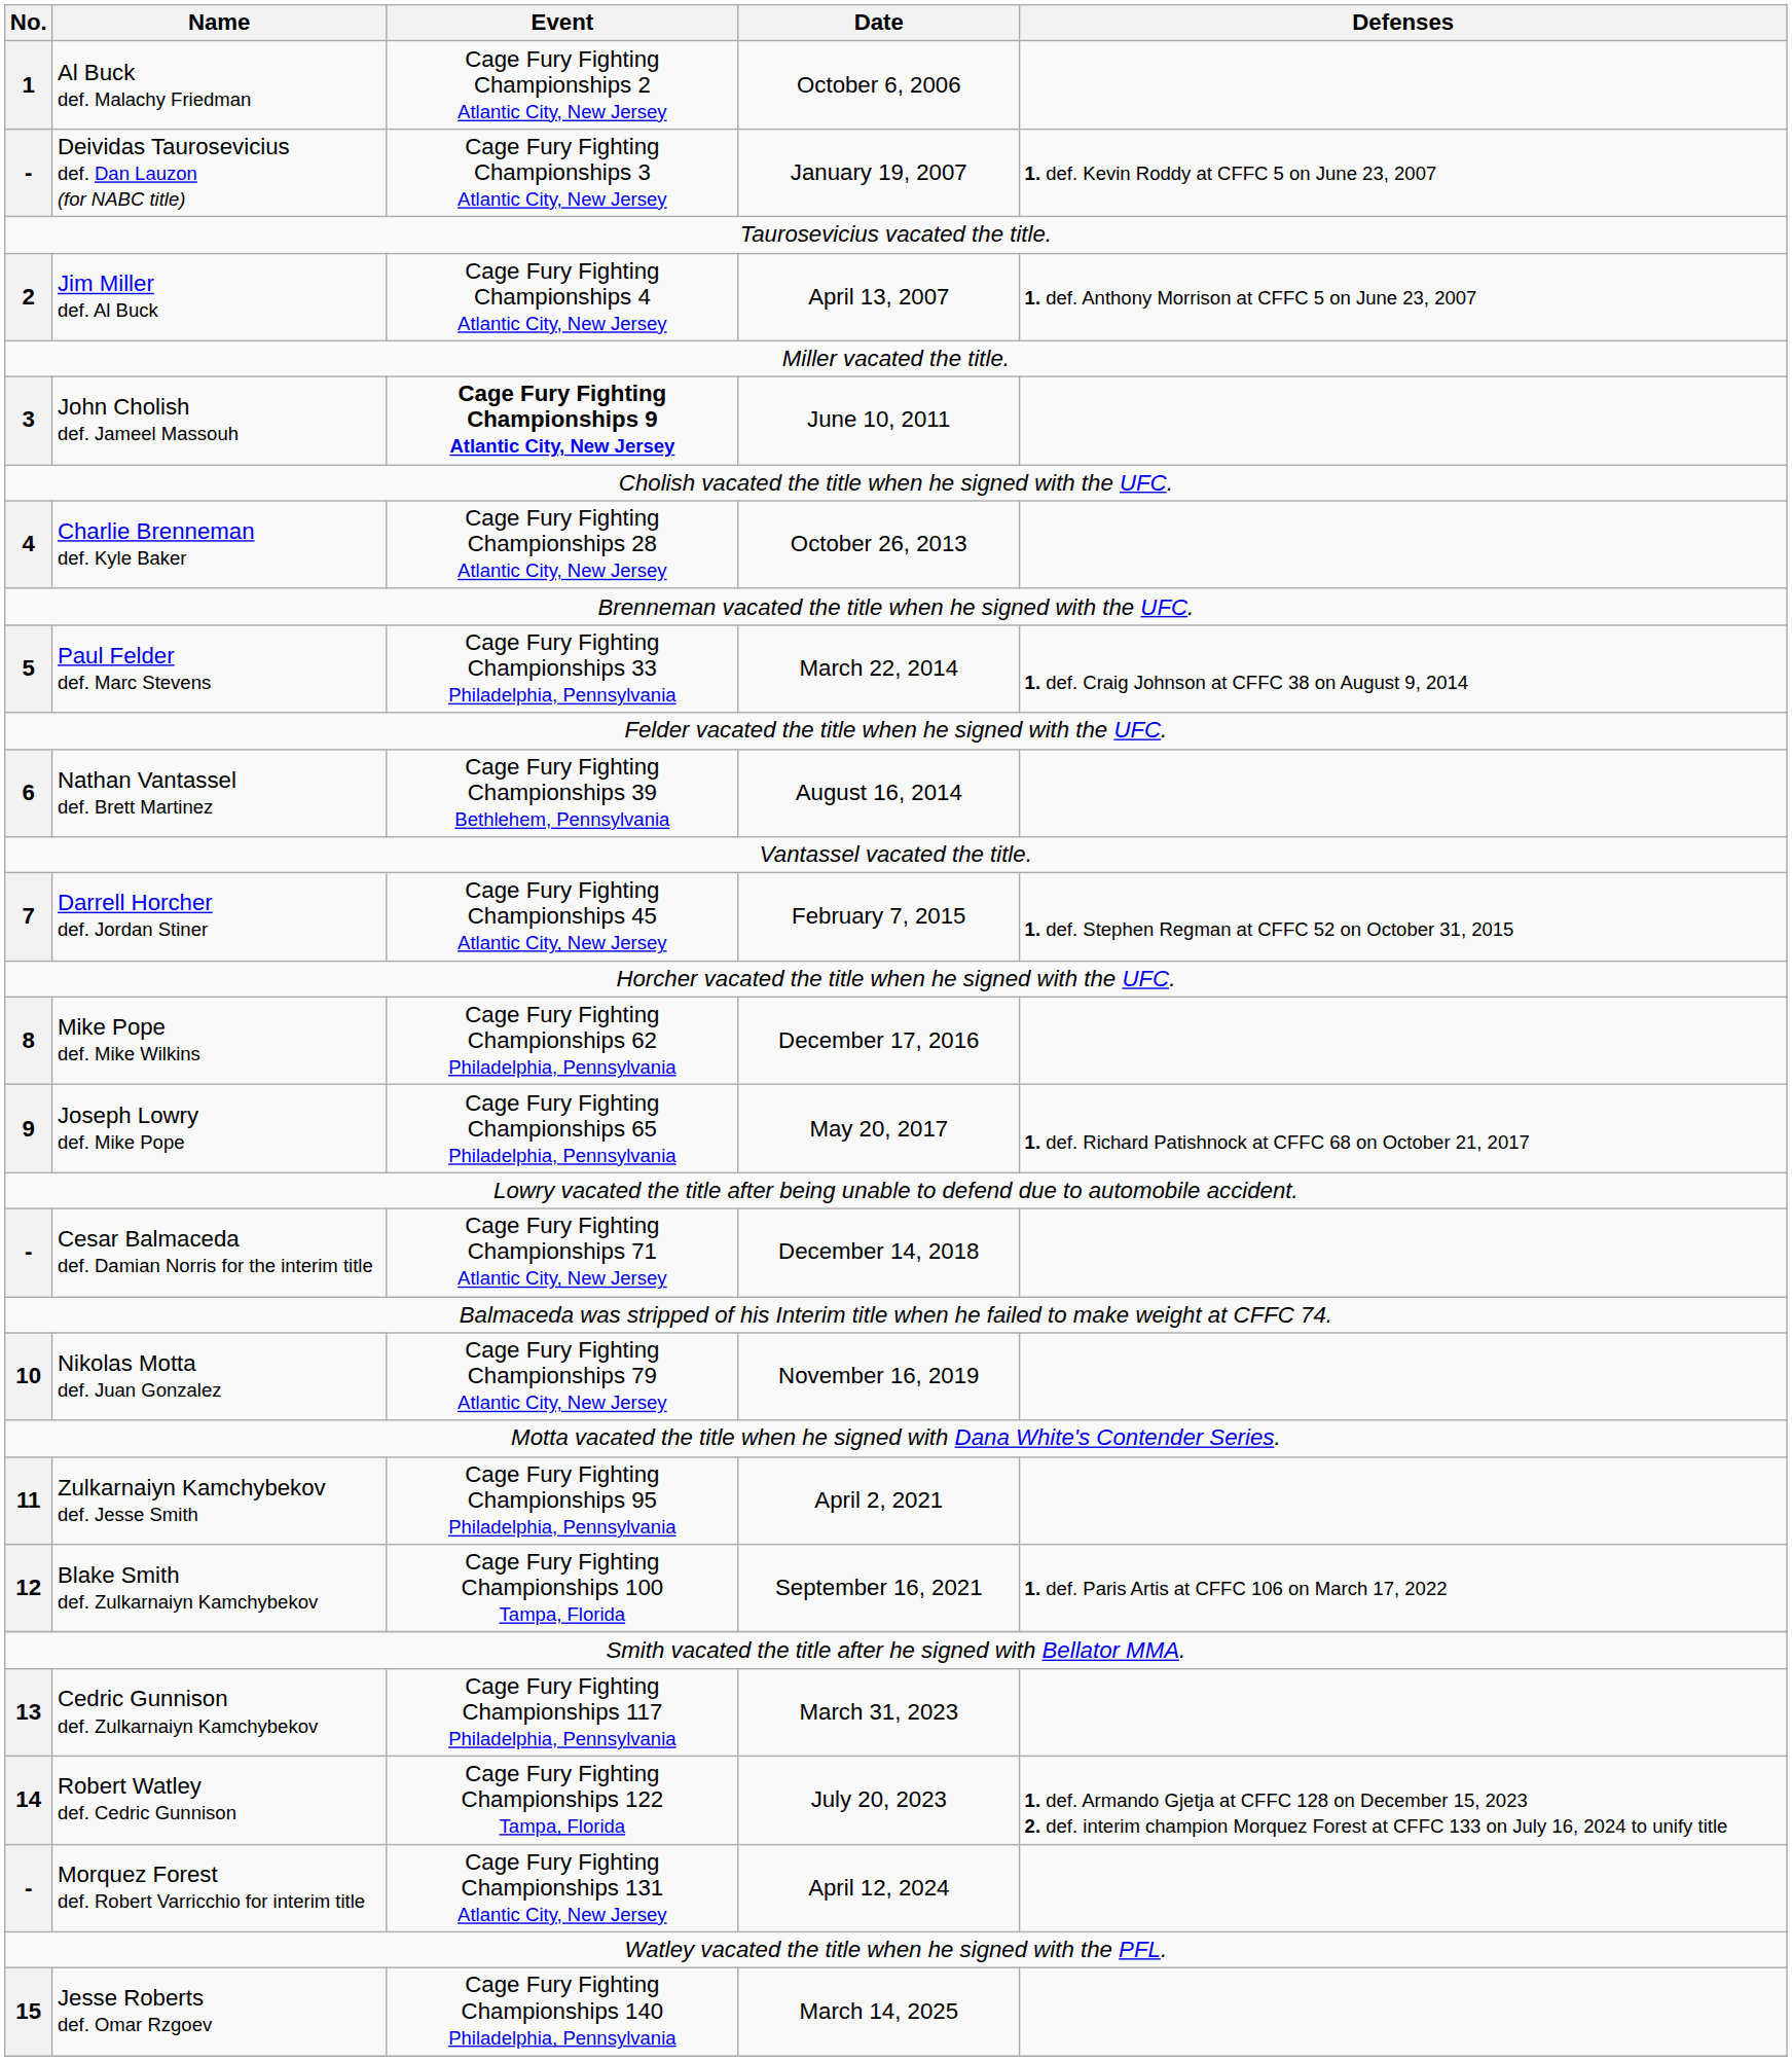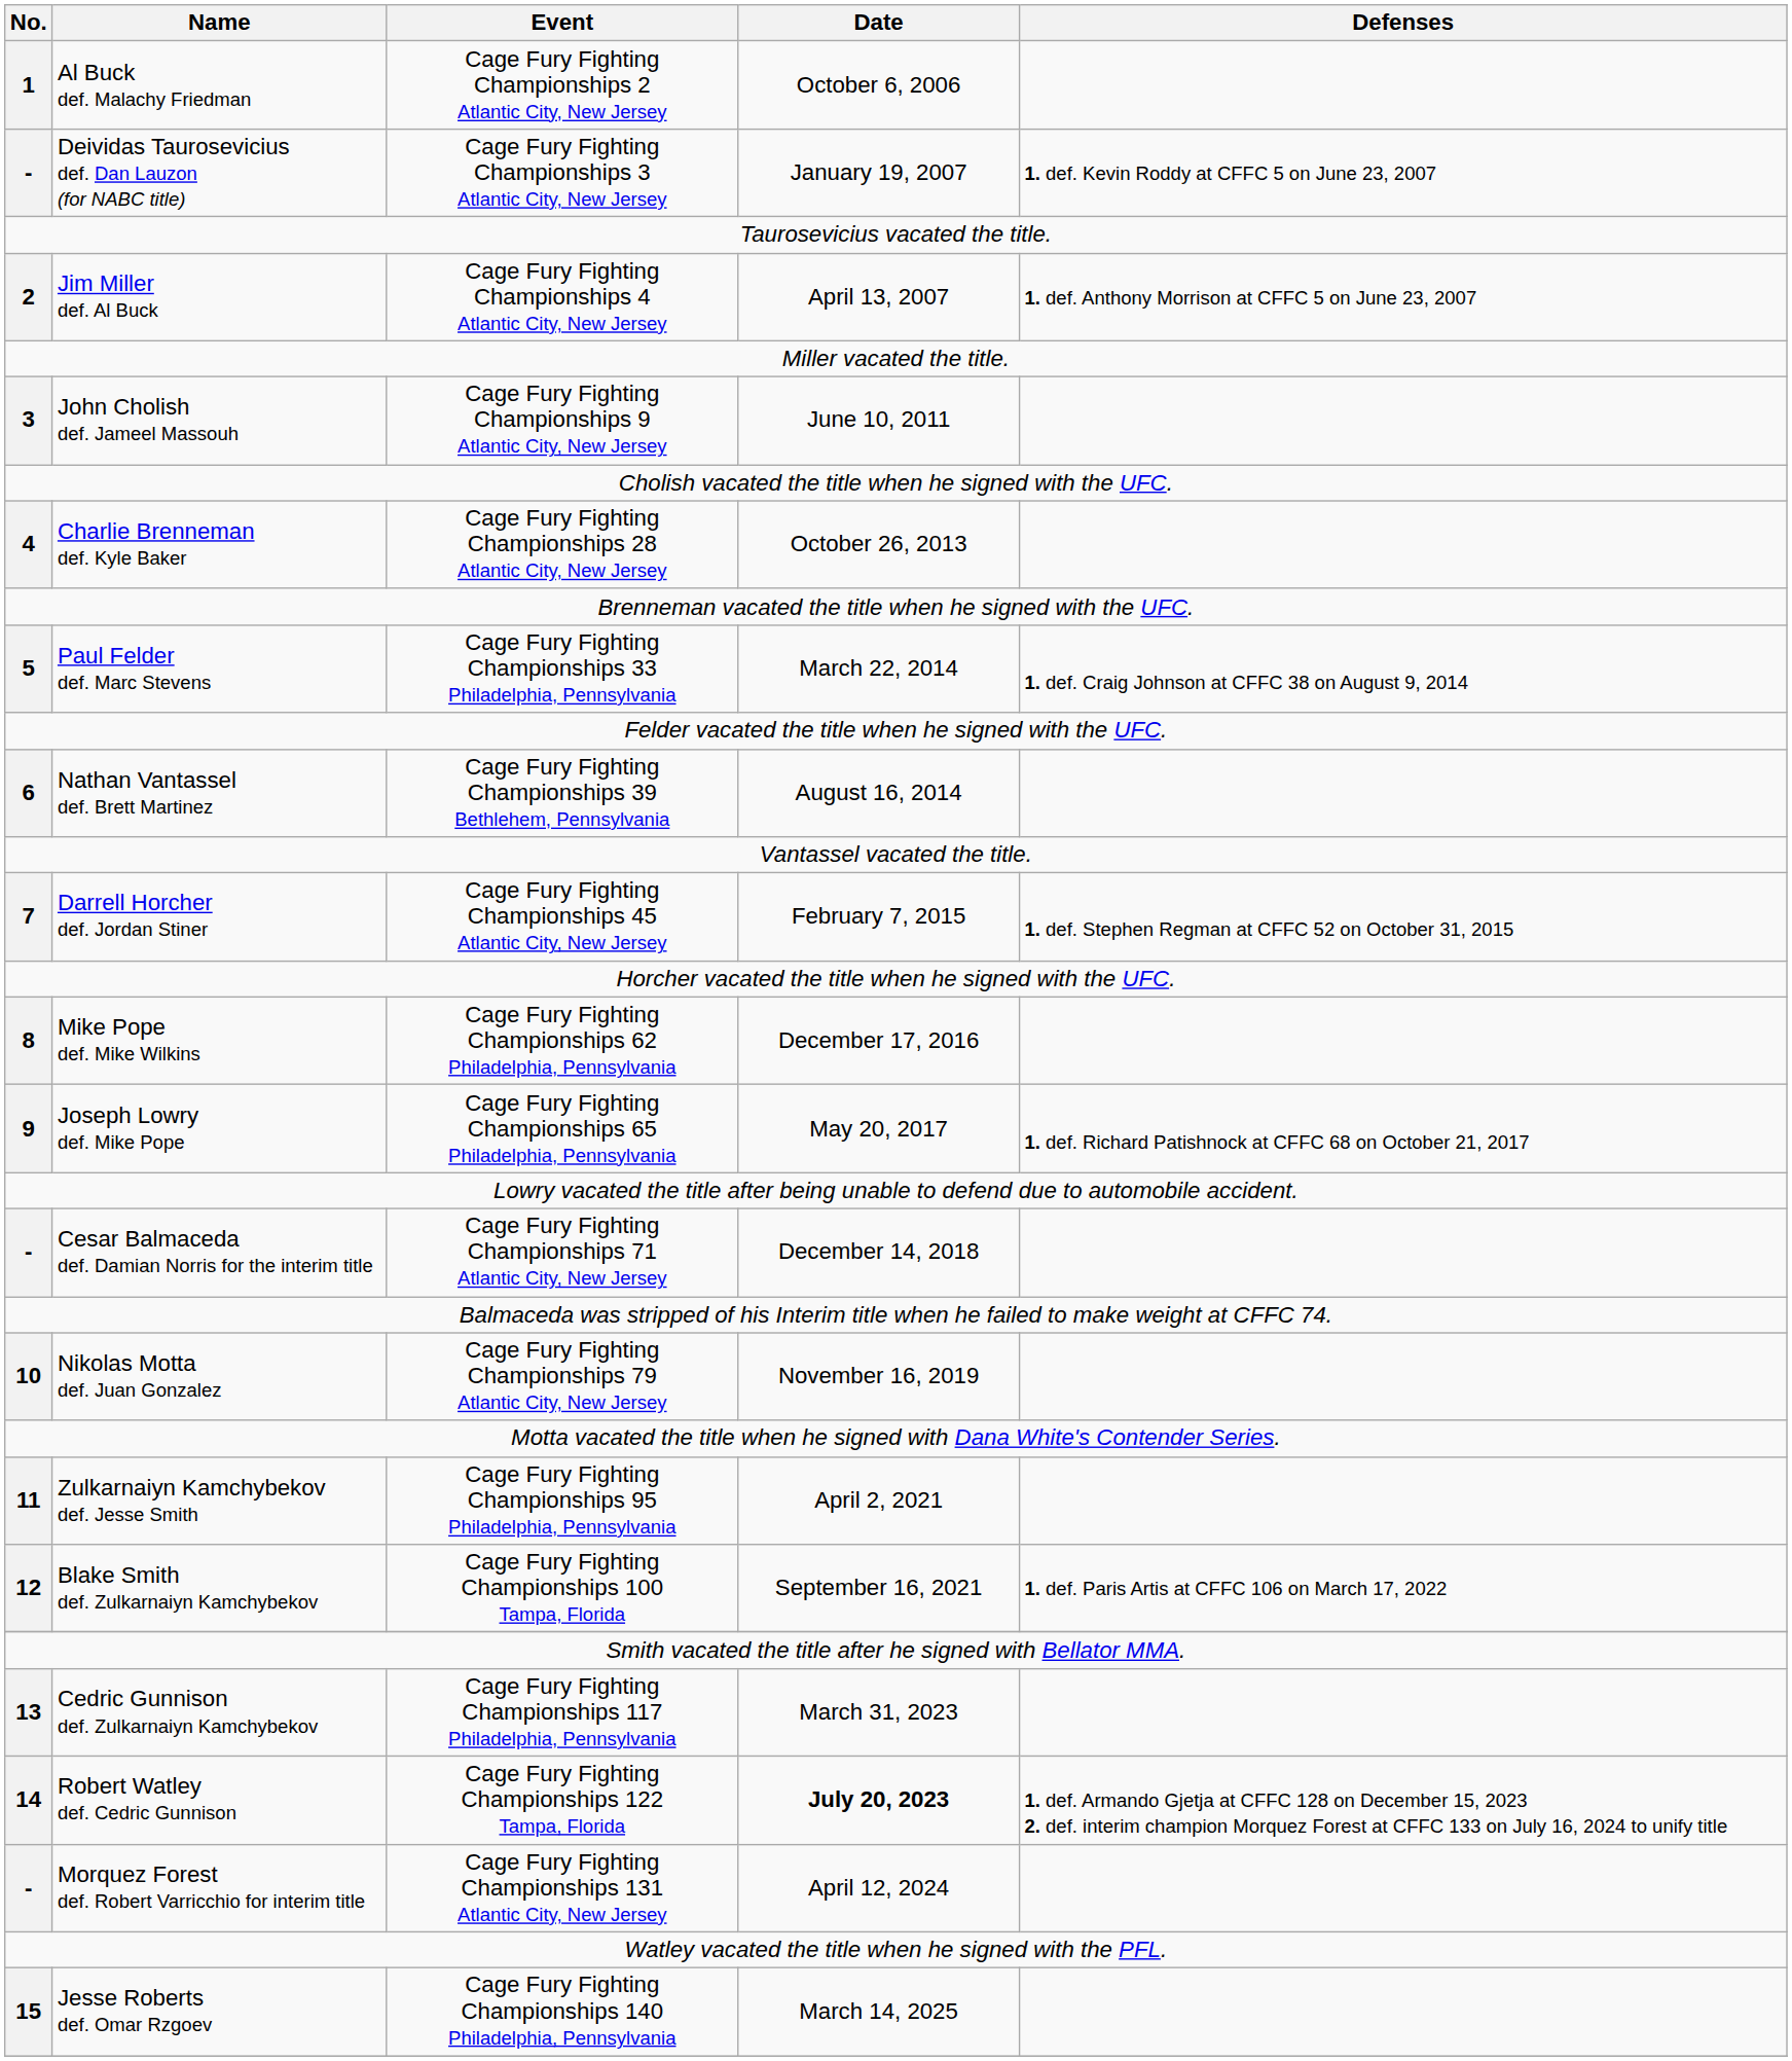 <table class="wikitable">
 <tr>
 <th width=1%>No.</th>
 <th width=19%>Name</th>
 <th width=20%>Event</th>
 <th width=16%>Date</th>
 <th width=44%>Defenses</th>
 </tr>
 <tr>
 <th>1</th>
 <td style="text-align:left"> Al Buck<br><small>def. Malachy Friedman</small></td>
 <td style="text-align:center">Cage Fury Fighting Championships 2<br><small><a href='#'>Atlantic City, New Jersey</a></small></td>
 <td style="text-align:center">October 6, 2006</td>
 <td></td>
 </tr>
 <tr>
 <th>-</th>
 <td style="text-align:left"> Deividas Taurosevicius <br><small>def. <a href='#'>Dan Lauzon</a> <br><em>(for NABC title) </em></small></td>
 <td style="text-align:center">Cage Fury Fighting Championships 3<br><small><a href='#'>Atlantic City, New Jersey</a></small></td>
 <td style="text-align:center">January 19, 2007</td>
 <td><small><strong>1.</strong> def. Kevin Roddy at CFFC 5 on June 23, 2007</small></td>
 </tr>
 <tr>
 <td style="text-align:center" colspan="5"><em>Taurosevicius vacated the title.</em></td>
 </tr>
 <tr>
 <th>2</th>
 <td style="text-align:left"> <a href='#'>Jim Miller</a><br><small>def. Al Buck</small></td>
 <td style="text-align:center">Cage Fury Fighting Championships 4<br><small><a href='#'>Atlantic City, New Jersey</a></small></td>
 <td style="text-align:center">April 13, 2007</td>
 <td><small><strong>1.</strong> def. Anthony Morrison at CFFC 5 on June 23, 2007</small></td>
 </tr>
 <tr>
 <td style="text-align:center" colspan="5"><em>Miller vacated the title.</em></td>
 </tr>
 <tr>
 <th>3</th>
 <td style="text-align:left"> John Cholish<br><small>def. Jameel Massouh</small></td>
-<td style="text-align:center"><strong>Cage Fury Fighting Championships 9<br><small><a href='#'>Atlantic City, New Jersey</a></small></strong></td>
+<td style="text-align:center">Cage Fury Fighting Championships 9<br><small><a href='#'>Atlantic City, New Jersey</a></small></td>
 <td style="text-align:center">June 10, 2011</td>
 <td></td>
 </tr>
 <tr>
 <td style="text-align:center" colspan="5"><em>Cholish vacated the title when he signed with the <a href='#'>UFC</a>.</em></td>
 </tr>
 <tr>
 <th>4</th>
 <td style="text-align:left"> <a href='#'>Charlie Brenneman</a><br><small>def. Kyle Baker</small></td>
 <td style="text-align:center">Cage Fury Fighting Championships 28<br><small><a href='#'>Atlantic City, New Jersey</a></small></td>
 <td style="text-align:center">October 26, 2013</td>
 <td></td>
 </tr>
 <tr>
 <td style="text-align:center" colspan="5"><em>Brenneman vacated the title when he signed with the <a href='#'>UFC</a>.</em></td>
 </tr>
 <tr>
 <th>5</th>
 <td style="text-align:left"> <a href='#'>Paul Felder</a><br><small>def. Marc Stevens</small></td>
 <td style="text-align:center">Cage Fury Fighting Championships 33<br><small><a href='#'>Philadelphia, Pennsylvania</a></small></td>
 <td style="text-align:center">March 22, 2014</td>
 <td><br><small><strong>1.</strong> def. Craig Johnson at CFFC 38 on August 9, 2014</small></td>
 </tr>
 <tr>
 <td style="text-align:center" colspan="5"><em>Felder vacated the title when he signed with the <a href='#'>UFC</a>.</em></td>
 </tr>
 <tr>
 <th>6</th>
 <td style="text-align:left"> Nathan Vantassel<br><small>def. Brett Martinez</small></td>
 <td style="text-align:center">Cage Fury Fighting Championships 39<br><small><a href='#'>Bethlehem, Pennsylvania</a></small></td>
 <td style="text-align:center">August 16, 2014</td>
 <td></td>
 </tr>
 <tr>
 <td style="text-align:center" colspan="5"><em>Vantassel vacated the title.</em></td>
 </tr>
 <tr>
 <th>7</th>
 <td style="text-align:left"> <a href='#'>Darrell Horcher</a><br><small>def. Jordan Stiner</small></td>
 <td style="text-align:center">Cage Fury Fighting Championships 45<br><small><a href='#'>Atlantic City, New Jersey</a></small></td>
 <td style="text-align:center">February 7, 2015</td>
 <td><br><small><strong>1.</strong> def. Stephen Regman at CFFC 52 on October 31, 2015</small></td>
 </tr>
 <tr>
 <td style="text-align:center" colspan="5"><em>Horcher vacated the title when he signed with the <a href='#'>UFC</a>.</em></td>
 </tr>
 <tr>
 <th>8</th>
 <td style="text-align:left"> Mike Pope<br><small>def. Mike Wilkins</small></td>
 <td style="text-align:center">Cage Fury Fighting Championships 62<br><small><a href='#'>Philadelphia, Pennsylvania</a></small></td>
 <td style="text-align:center">December 17, 2016</td>
 <td></td>
 </tr>
 <tr>
 <th>9</th>
 <td style="text-align:left"> Joseph Lowry<br><small>def. Mike Pope</small></td>
 <td style="text-align:center">Cage Fury Fighting Championships 65<br><small><a href='#'>Philadelphia, Pennsylvania</a></small></td>
 <td style="text-align:center">May 20, 2017</td>
 <td><br><small><strong>1.</strong> def. Richard Patishnock at CFFC 68 on October 21, 2017</small></td>
 </tr>
 <tr>
 <td style="text-align:center" colspan="5"><em>Lowry vacated the title after being unable to defend due to automobile accident.</em></td>
 </tr>
 <tr>
 <th>-</th>
 <td style="text-align:left"> Cesar Balmaceda<br><small>def. Damian Norris for the interim title</small></td>
 <td style="text-align:center">Cage Fury Fighting Championships 71<br><small><a href='#'>Atlantic City, New Jersey</a></small></td>
 <td style="text-align:center">December 14, 2018</td>
 <td></td>
 </tr>
 <tr>
 <td style="text-align:center" colspan="5"><em>Balmaceda was stripped of his Interim title when he failed to make weight at CFFC 74.</em></td>
 </tr>
 <tr>
 <th>10</th>
 <td style="text-align:left"> Nikolas Motta<br><small>def. Juan Gonzalez</small></td>
 <td style="text-align:center">Cage Fury Fighting Championships 79<br><small><a href='#'>Atlantic City, New Jersey</a></small></td>
 <td style="text-align:center">November 16, 2019</td>
 <td></td>
 </tr>
 <tr>
 <td style="text-align:center" colspan="5"><em>Motta vacated the title when he signed with <a href='#'>Dana White's Contender Series</a>.</em></td>
 </tr>
 <tr>
 <th>11</th>
 <td style="text-align:left"> Zulkarnaiyn Kamchybekov<br><small>def. Jesse Smith</small></td>
 <td style="text-align:center">Cage Fury Fighting Championships 95<br><small><a href='#'>Philadelphia, Pennsylvania</a></small></td>
 <td style="text-align:center">April 2, 2021</td>
 <td></td>
 </tr>
 <tr>
 <th>12</th>
 <td style="text-align:left"> Blake Smith<br><small>def. Zulkarnaiyn Kamchybekov</small></td>
 <td style="text-align:center">Cage Fury Fighting Championships 100<br><small><a href='#'>Tampa, Florida</a></small></td>
 <td style="text-align:center">September 16, 2021</td>
 <td><small><strong>1.</strong> def. Paris Artis at CFFC 106 on March 17, 2022</small></td>
 </tr>
 <tr>
 </tr>
 <tr>
 <td style="text-align:center" colspan="5"><em>Smith vacated the title after he signed with <a href='#'>Bellator MMA</a>.</em></td>
 </tr>
 <tr>
 <th>13</th>
 <td style="text-align:left"> Cedric Gunnison<br><small>def. Zulkarnaiyn Kamchybekov</small></td>
 <td style="text-align:center">Cage Fury Fighting Championships 117<br><small><a href='#'>Philadelphia, Pennsylvania</a></small></td>
 <td style="text-align:center">March 31, 2023</td>
 <td></td>
 </tr>
 <tr>
 <th>14</th>
 <td style="text-align:left"> Robert Watley<br><small>def. Cedric Gunnison</small></td>
 <td style="text-align:center">Cage Fury Fighting Championships 122<br><small><a href='#'>Tampa, Florida</a></small></td>
-<td style="text-align:center">July 20, 2023</td>
+<td style="text-align:center"><strong>July 20, 2023</strong></td>
 <td><br><small><strong>1.</strong> def. Armando Gjetja at CFFC 128 on December 15, 2023<br> <strong>2.</strong> def. interim champion Morquez Forest at CFFC 133 on July 16, 2024 to unify title</small></td>
 </tr>
 <tr>
 <th>-</th>
 <td style="text-align:left"> Morquez Forest<br><small>def. Robert Varricchio for interim title</small></td>
 <td style="text-align:center">Cage Fury Fighting Championships 131<br><small><a href='#'>Atlantic City, New Jersey</a></small></td>
 <td style="text-align:center">April 12, 2024</td>
 <td></td>
 </tr>
 <tr>
 <td style="text-align:center" colspan="5"><em>Watley vacated the title when he signed with the <a href='#'>PFL</a>.</em></td>
 </tr>
 <tr>
 <th>15</th>
 <td style="text-align:left"> Jesse Roberts<br><small>def. Omar Rzgoev</small></td>
 <td style="text-align:center">Cage Fury Fighting Championships 140<br><small><a href='#'>Philadelphia, Pennsylvania</a></small></td>
 <td style="text-align:center">March 14, 2025</td>
 <td></td>
 </tr>
 <tr>
 </tr>
 </table>
